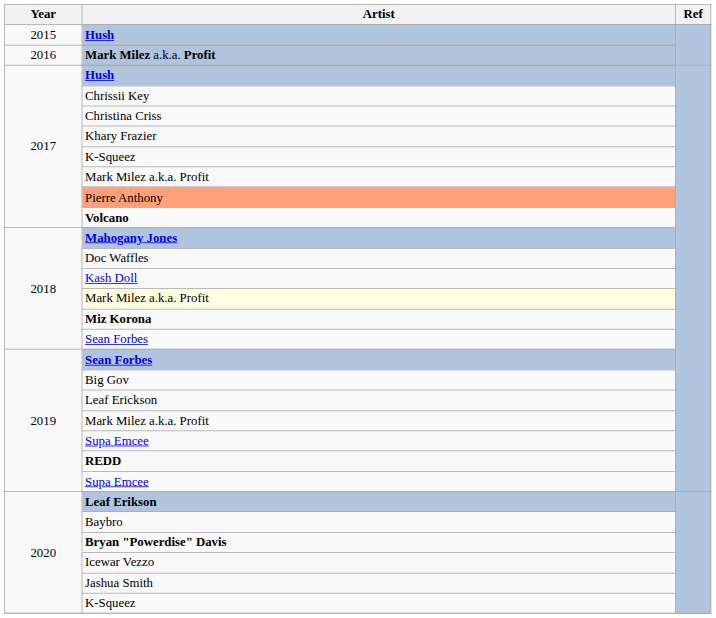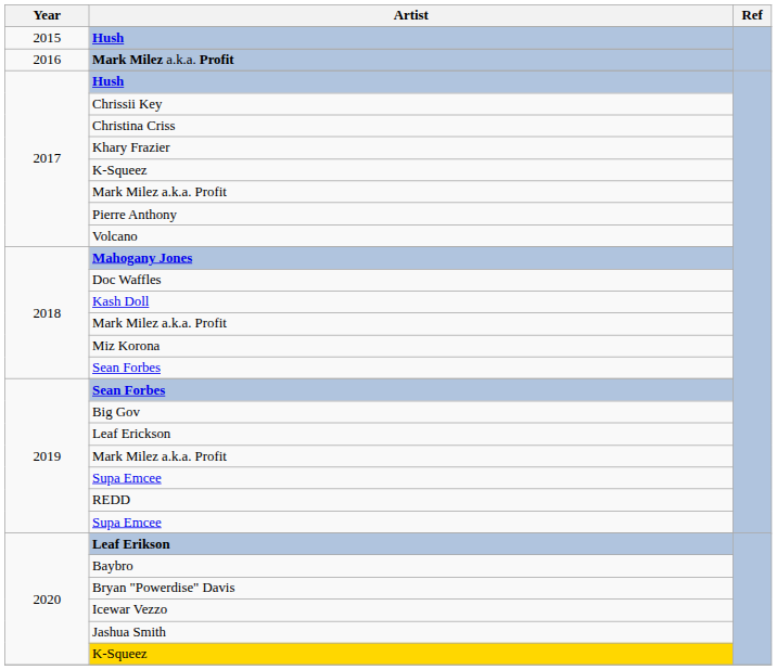 <table class="wikitable" style="width:100%;">
 <tr>
 <th style="width:11%;">Year</th>
 <th style="width:84%;">Artist</th>
 <th style="width:5%;">Ref</th>
 </tr>
 <tr>
 <td rowspan="2" align="center">2015</td>
 </tr>
 <tr style="background:#B0C4DE">
 <td><strong><a href='#'>Hush</a></strong></td>
 <td rowspan="4" align="center"></td>
 </tr>
 <tr>
 <td rowspan="2" align="center">2016</td>
 </tr>
 <tr style="background:#B0C4DE">
 <td><strong>Mark Milez</strong> a.k.a. <strong>Profit</strong></td>
 </tr>
 <tr>
 <td rowspan="9" align="center">2017</td>
 </tr>
 <tr style="background:#B0C4DE">
 <td><strong><a href='#'>Hush</a></strong></td>
 <td rowspan="24" align="center"></td>
 </tr>
 <tr>
 <td>Chrissii Key</td>
 </tr>
 <tr>
 <td>Christina Criss</td>
 </tr>
 <tr>
 <td>Khary Frazier</td>
 </tr>
 <tr>
 <td>K-Squeez</td>
 </tr>
 <tr>
 <td>Mark Milez a.k.a. Profit</td>
 </tr>
 <tr>
-<td style="background: lightsalmon;">Pierre Anthony</td>
+<td>Pierre Anthony</td>
 </tr>
 <tr>
-<td><strong>Volcano</strong></td>
+<td>Volcano</td>
 </tr>
 <tr>
 <td rowspan="7" align="center">2018</td>
 </tr>
 <tr style="background:#B0C4DE">
 <td><strong><a href='#'>Mahogany Jones</a></strong></td>
 </tr>
 <tr>
 <td>Doc Waffles</td>
 </tr>
 <tr>
 <td><a href='#'>Kash Doll</a></td>
 </tr>
 <tr>
-<td style="background: lightyellow;">Mark Milez a.k.a. Profit</td>
+<td>Mark Milez a.k.a. Profit</td>
 </tr>
 <tr>
-<td><strong>Miz Korona</strong></td>
+<td>Miz Korona</td>
 </tr>
 <tr>
 <td><a href='#'>Sean Forbes</a></td>
 </tr>
 <tr>
 <td rowspan="8" align="center">2019</td>
 </tr>
 <tr style="background:#B0C4DE">
 <td><strong><a href='#'>Sean Forbes</a></strong></td>
 </tr>
 <tr>
 <td>Big Gov</td>
 </tr>
 <tr>
 <td>Leaf Erickson</td>
 </tr>
 <tr>
 <td>Mark Milez a.k.a. Profit</td>
 </tr>
 <tr>
 <td><a href='#'>Supa Emcee</a></td>
 </tr>
 <tr>
-<td><strong>REDD</strong></td>
+<td>REDD</td>
 </tr>
 <tr>
 <td><a href='#'>Supa Emcee</a></td>
 </tr>
 <tr>
 <td rowspan="7" align="center">2020</td>
 </tr>
 <tr style="background:#B0C4DE">
 <td><strong>Leaf Erikson</strong></td>
 <td rowspan="6" align="center"></td>
 </tr>
 <tr>
 <td>Baybro</td>
 </tr>
 <tr>
-<td><strong>Bryan "Powerdise" Davis</strong></td>
+<td>Bryan "Powerdise" Davis</td>
 </tr>
 <tr>
 <td>Icewar Vezzo</td>
 </tr>
 <tr>
 <td>Jashua Smith</td>
 </tr>
 <tr>
-<td>K-Squeez</td>
+<td style="background: gold;">K-Squeez</td>
 </tr>
 <tr>
 </tr>
 </table>
